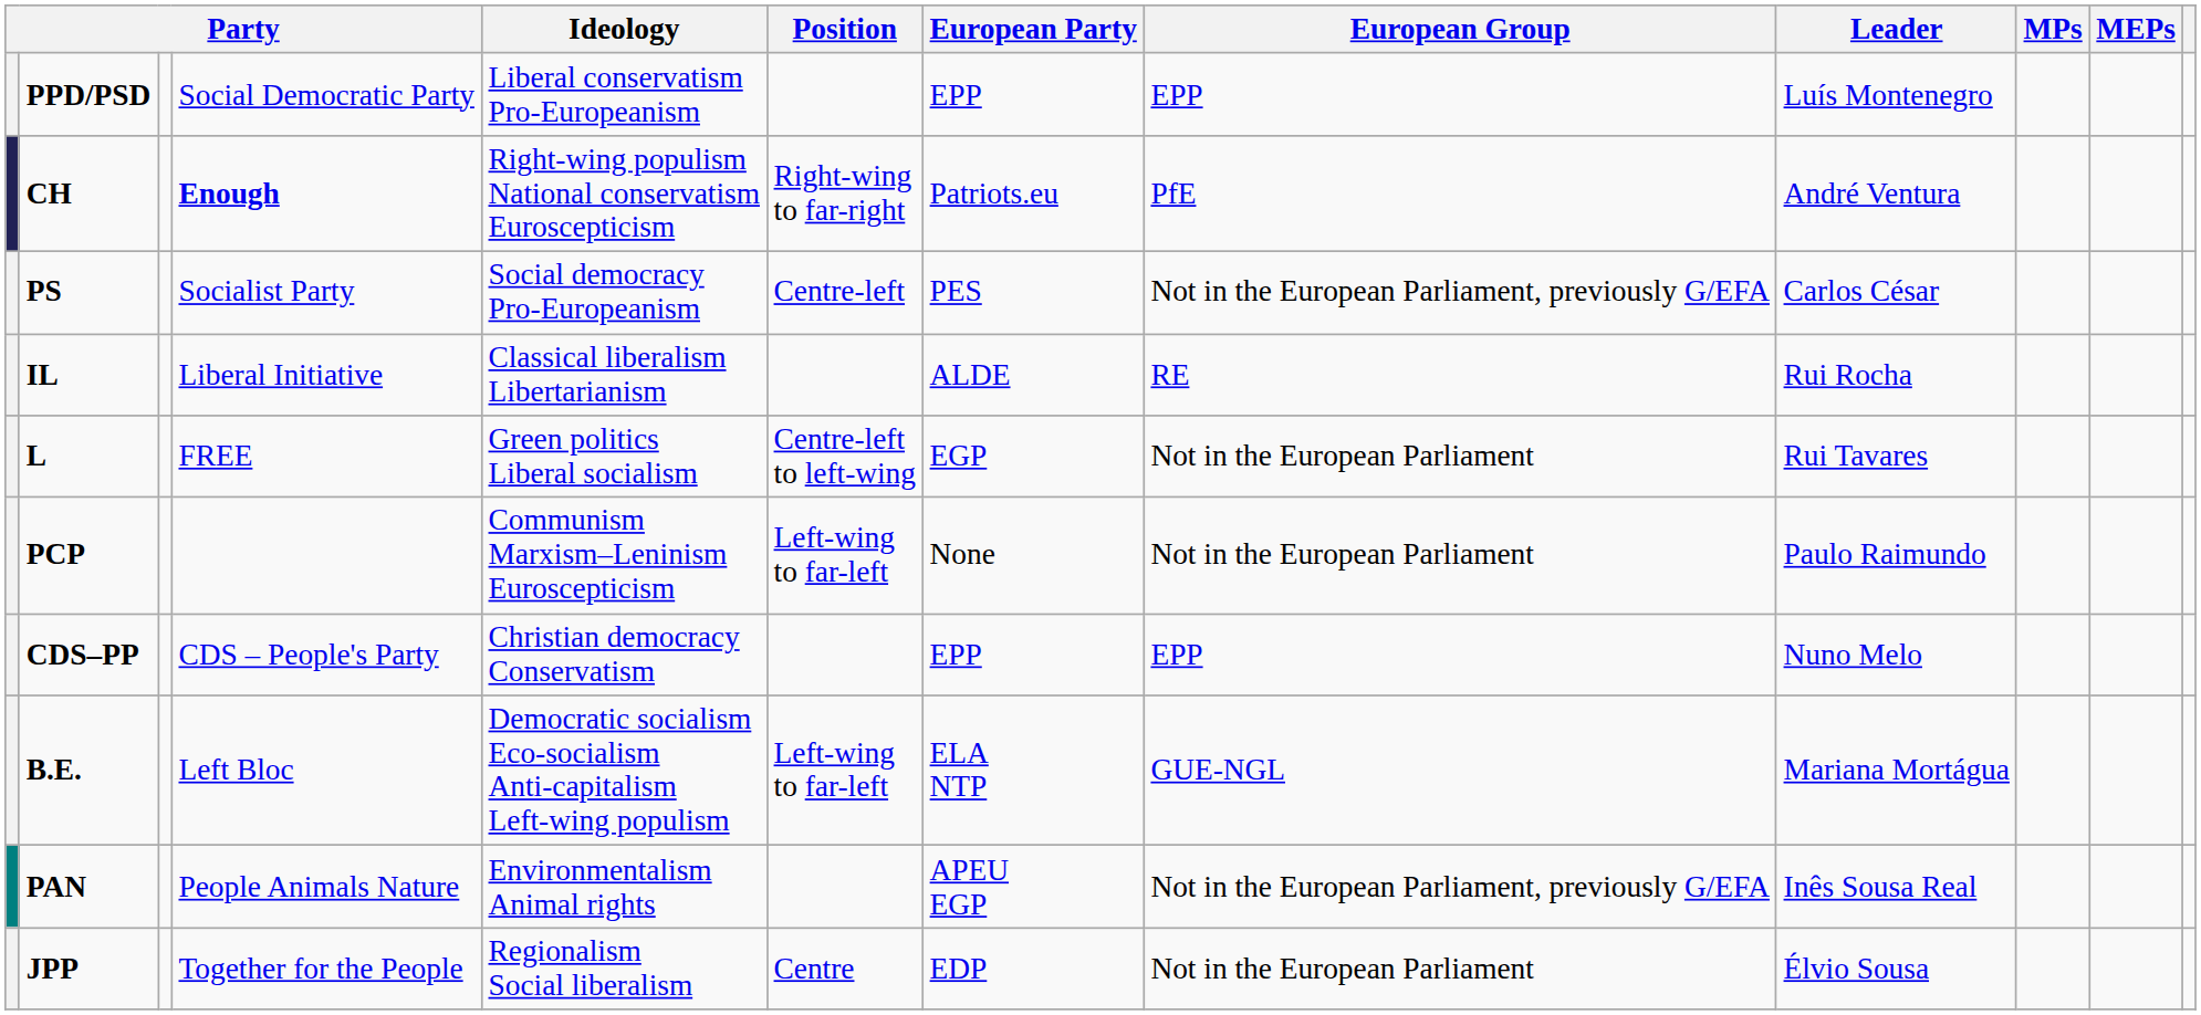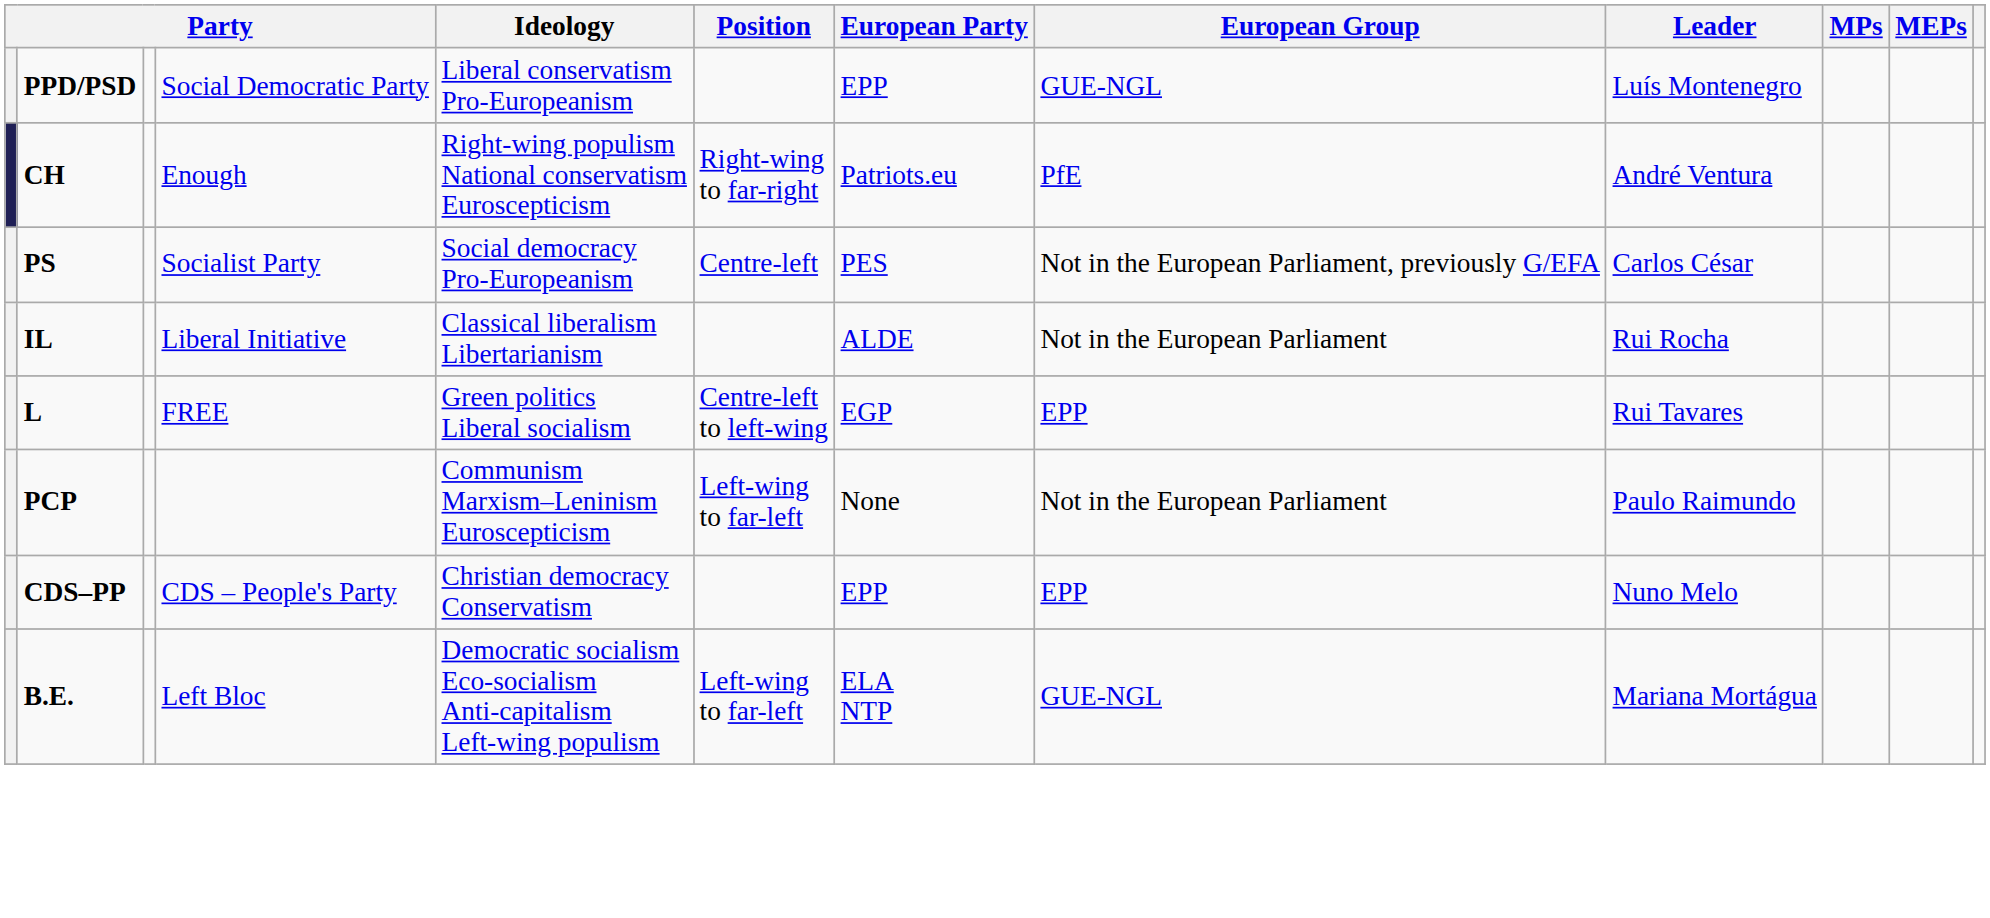 <table class="wikitable sortable" style="text-align:left">
 <tr>
 <th colspan="4"><a href='#'>Party</a></th>
 <th>Ideology</th>
 <th><a href='#'>Position</a></th>
 <th><a href='#'>European Party</a></th>
 <th><a href='#'>European Group</a></th>
 <th><a href='#'>Leader</a></th>
 <th><a href='#'>MPs</a></th>
 <th><a href='#'>MEPs</a></th>
 <th></th>
 </tr>
 <tr>
 <th style="background:"></th>
 <td><strong>PPD/PSD</strong></td>
 <td></td>
 <td style="text-align:left;"><a href='#'>Social Democratic Party</a><br></td>
 <td><a href='#'>Liberal conservatism</a><br><a href='#'>Pro-Europeanism</a></td>
 <td></td>
 <td><a href='#'>EPP</a></td>
-<td><a href='#'>EPP</a></td>
+<td><a href='#'>GUE-NGL</a></td>
 <td><a href='#'>Luís Montenegro</a></td>
 <td></td>
 <td></td>
 <td></td>
 </tr>
 <tr>
 <th style="background:#202056;"></th>
 <td><strong>CH</strong></td>
 <td></td>
-<td style="text-align:left;"><strong><a href='#'>Enough</a><br></strong></td>
+<td style="text-align:left;"><a href='#'>Enough</a><br></td>
 <td><a href='#'>Right-wing populism</a><br><a href='#'>National conservatism</a><br><a href='#'>Euroscepticism</a></td>
 <td><a href='#'>Right-wing</a><br>to <a href='#'>far-right</a></td>
 <td><a href='#'>Patriots.eu</a></td>
 <td><a href='#'>PfE</a></td>
 <td><a href='#'>André Ventura</a></td>
 <td></td>
 <td></td>
 <td><br></td>
 </tr>
 <tr>
 <th style="background:"></th>
 <td><strong>PS</strong></td>
 <td></td>
 <td style="text-align:left;"><a href='#'>Socialist Party</a><br></td>
 <td><a href='#'>Social democracy</a><br><a href='#'>Pro-Europeanism</a></td>
 <td><a href='#'>Centre-left</a></td>
 <td><a href='#'>PES</a></td>
 <td>Not in the European Parliament, previously <a href='#'>G/EFA</a></td>
 <td><a href='#'>Carlos César</a></td>
 <td></td>
 <td></td>
 <td></td>
 </tr>
 <tr>
 <th style="background:"></th>
 <td><strong>IL</strong></td>
 <td></td>
 <td style="text-align:left;"><a href='#'>Liberal Initiative</a><br></td>
 <td><a href='#'>Classical liberalism</a><br><a href='#'>Libertarianism</a></td>
 <td></td>
 <td><a href='#'>ALDE</a></td>
-<td><a href='#'>RE</a></td>
+<td>Not in the European Parliament</td>
 <td><a href='#'>Rui Rocha</a></td>
 <td></td>
 <td></td>
 <td><br></td>
 </tr>
 <tr>
 <th style="background:"></th>
 <td><strong>L</strong></td>
 <td></td>
 <td><a href='#'>FREE</a><br></td>
 <td><a href='#'>Green politics</a><br><a href='#'>Liberal socialism</a></td>
 <td><a href='#'>Centre-left</a><br>to <a href='#'>left-wing</a></td>
 <td><a href='#'>EGP</a></td>
-<td>Not in the European Parliament</td>
+<td><a href='#'>EPP</a></td>
 <td><a href='#'>Rui Tavares</a></td>
 <td></td>
 <td></td>
 <td></td>
 </tr>
 <tr>
 <th style="background:"></th>
 <td><strong>PCP</strong></td>
 <td></td>
 <td style="text-align:left;"></td>
 <td><a href='#'>Communism</a><br><a href='#'>Marxism–Leninism</a><br><a href='#'>Euroscepticism</a></td>
 <td><a href='#'>Left-wing</a><br>to <a href='#'>far-left</a></td>
 <td>None</td>
 <td>Not in the European Parliament</td>
 <td><a href='#'>Paulo Raimundo</a></td>
 <td></td>
 <td></td>
 <td></td>
 </tr>
 <tr>
 <th style="background:"></th>
 <td><strong>CDS–PP</strong></td>
 <td></td>
 <td style="text-align: left;"><a href='#'>CDS – People's Party</a><br></td>
 <td><a href='#'>Christian democracy</a><br><a href='#'>Conservatism</a></td>
 <td></td>
 <td><a href='#'>EPP</a></td>
 <td><a href='#'>EPP</a></td>
 <td><a href='#'>Nuno Melo</a></td>
 <td></td>
 <td></td>
 <td><br></td>
 </tr>
 <tr>
 <th style="background:"></th>
 <td><strong>B.E.</strong></td>
 <td></td>
 <td><a href='#'>Left Bloc</a><br></td>
 <td><a href='#'>Democratic socialism</a><br><a href='#'>Eco-socialism</a><br><a href='#'>Anti-capitalism</a><br><a href='#'>Left-wing populism</a></td>
 <td><a href='#'>Left-wing</a><br>to <a href='#'>far-left</a></td>
 <td><a href='#'>ELA</a><br><a href='#'>NTP</a></td>
 <td><a href='#'>GUE-NGL</a></td>
 <td><a href='#'>Mariana Mortágua</a></td>
 <td></td>
 <td></td>
 <td><br></td>
 </tr>
-<tr>
-<th style="background:teal;"></th>
-<td><strong>PAN</strong></td>
-<td></td>
-<td style="text-align:left;"><a href='#'>People Animals Nature</a><br></td>
-<td><a href='#'>Environmentalism</a><br><a href='#'>Animal rights</a></td>
-<td></td>
-<td><a href='#'>APEU</a><br><a href='#'>EGP</a></td>
-<td>Not in the European Parliament, previously <a href='#'>G/EFA</a></td>
-<td><a href='#'>Inês Sousa Real</a></td>
-<td></td>
-<td></td>
-<td><br></td>
-</tr>
-<tr>
-<th style="background:"></th>
-<td><strong>JPP</strong></td>
-<td></td>
-<td><a href='#'>Together for the People</a><br></td>
-<td><a href='#'>Regionalism</a><br><a href='#'>Social liberalism</a></td>
-<td><a href='#'>Centre</a></td>
-<td><a href='#'>EDP</a></td>
-<td>Not in the European Parliament</td>
-<td><a href='#'>Élvio Sousa</a></td>
-<td></td>
-<td></td>
-<td></td>
-</tr>
 </table>
